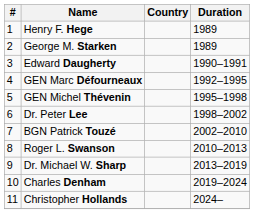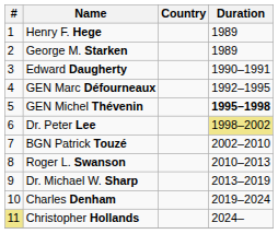 <table class="wikitable">
 <tr>
 <th>#</th>
 <th>Name</th>
 <th>Country</th>
 <th>Duration</th>
 </tr>
 <tr>
 <td>1</td>
 <td>Henry F. <strong>Hege</strong></td>
 <td></td>
 <td>1989</td>
 </tr>
 <tr>
 <td>2</td>
 <td>George M. <strong>Starken</strong></td>
 <td></td>
 <td>1989</td>
 </tr>
 <tr>
 <td>3</td>
 <td>Edward <strong>Daugherty</strong></td>
 <td></td>
 <td>1990–1991</td>
 </tr>
 <tr>
 <td>4</td>
 <td>GEN Marc <strong>Défourneaux</strong></td>
 <td></td>
 <td>1992–1995</td>
 </tr>
 <tr>
 <td>5</td>
 <td>GEN Michel <strong>Thévenin</strong></td>
 <td></td>
-<td>1995–1998</td>
+<td><strong>1995–1998</strong></td>
 </tr>
 <tr>
 <td>6</td>
 <td>Dr. Peter <strong>Lee</strong></td>
 <td></td>
-<td>1998–2002</td>
+<td style="background: khaki;">1998–2002</td>
 </tr>
 <tr>
 <td>7</td>
 <td>BGN Patrick <strong>Touzé</strong></td>
 <td></td>
 <td>2002–2010</td>
 </tr>
 <tr>
 <td>8</td>
 <td>Roger L. <strong>Swanson</strong></td>
 <td></td>
 <td>2010–2013</td>
 </tr>
 <tr>
 <td>9</td>
 <td>Dr. Michael W. <strong>Sharp</strong></td>
 <td></td>
 <td>2013–2019</td>
 </tr>
 <tr>
 <td>10</td>
 <td>Charles <strong>Denham</strong></td>
 <td></td>
 <td>2019–2024</td>
 </tr>
 <tr>
-<td>11</td>
+<td style="background: khaki;">11</td>
 <td>Christopher <strong>Hollands</strong></td>
 <td></td>
 <td>2024–</td>
 </tr>
 <tr>
 </tr>
 </table>
